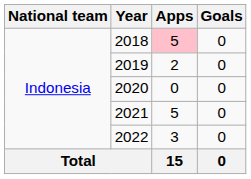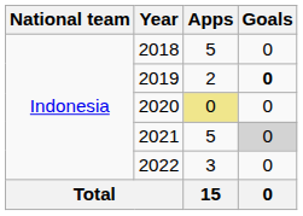 <table class="wikitable" style="text-align:center">
 <tr>
 <th>National team</th>
 <th>Year</th>
 <th>Apps</th>
 <th>Goals</th>
 </tr>
 <tr>
 <td rowspan="5"><a href='#'>Indonesia</a></td>
 <td>2018</td>
-<td style="background: pink;">5</td>
+<td>5</td>
 <td>0</td>
 </tr>
 <tr>
 <td>2019</td>
 <td>2</td>
-<td>0</td>
+<td><strong>0</strong></td>
 </tr>
 <tr>
 <td>2020</td>
-<td>0</td>
+<td style="background: khaki;">0</td>
 <td>0</td>
 </tr>
 <tr>
 <td>2021</td>
 <td>5</td>
-<td>0</td>
+<td style="background: lightgrey;">0</td>
 </tr>
 <tr>
 <td>2022</td>
 <td>3</td>
 <td>0</td>
 </tr>
 <tr>
 <th colspan="2">Total</th>
 <th>15</th>
 <th>0</th>
 </tr>
 </table>
